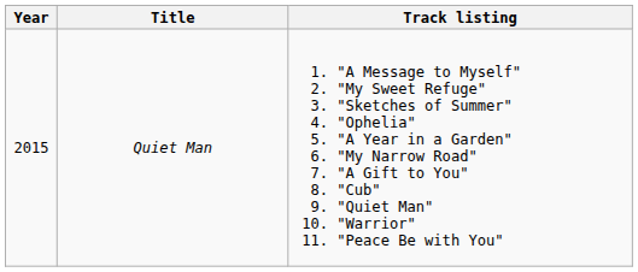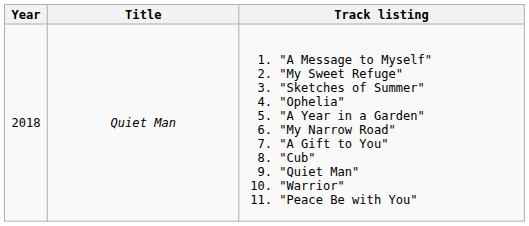 <table class="wikitable">
 <tr>
 <th width="40">Year</th>
 <th width="200">Title</th>
 <th width="300">Track listing</th>
 </tr>
 <tr>
-<td align="center">2015</td>
+<td align="center">2018</td>
 <td align="center"><em>Quiet Man</em></td>
 <td><br><ol><li>"A Message to Myself"</li><li>"My Sweet Refuge"</li><li>"Sketches of Summer"</li><li>"Ophelia"</li><li>"A Year in a Garden"</li><li>"My Narrow Road"</li><li>"A Gift to You"</li><li>"Cub"</li><li>"Quiet Man"</li><li>"Warrior"</li><li>"Peace Be with You"</li></ol></td>
 </tr>
 </table>
